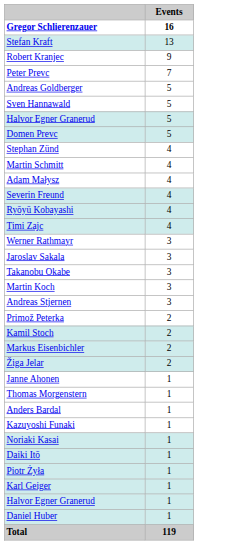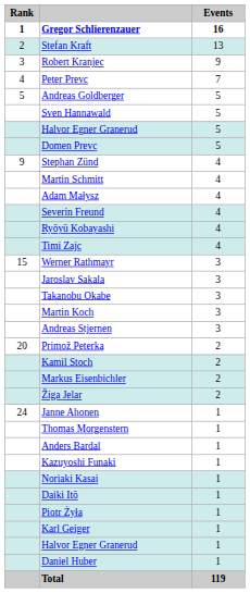 <table class="wikitable plainrowheaders" style="background:#fff; font-size:86%; line-height:16px; border:grey solid 1px; border-collapse:collapse;">
 <tr style="background:#ccc; text-align:center;">
+<th style="background:#ccc;" width="40">Rank</th>
 <th style="background:#ccc;" width="200"></th>
 <th style="background:#ccc;" width="65">Events</th>
 </tr>
 <tr style="text-align:center">
+<td style="text-align:center"><strong>1</strong></td>
 <td style="text-align:left"> <strong><a href='#'>Gregor Schlierenzauer</a></strong></td>
 <td><strong>16</strong></td>
 </tr>
 <tr style="text-align:center; background:#CFECEC">
+<td style="text-align:center">2</td>
 <td style="text-align:left"> <a href='#'>Stefan Kraft</a></td>
 <td>13</td>
 </tr>
 <tr style="text-align:center">
+<td style="text-align:center">3</td>
 <td style="text-align:left"> <a href='#'>Robert Kranjec</a></td>
 <td>9</td>
 </tr>
 <tr style="text-align:center">
+<td style="text-align:center">4</td>
 <td style="text-align:left"> <a href='#'>Peter Prevc</a></td>
 <td>7</td>
 </tr>
 <tr style="text-align:center">
+<td style="text-align:center">5</td>
 <td style="text-align:left"> <a href='#'>Andreas Goldberger</a></td>
 <td>5</td>
 </tr>
 <tr style="text-align:center">
+<td style="text-align:center"></td>
 <td style="text-align:left"> <a href='#'>Sven Hannawald</a></td>
 <td>5</td>
 </tr>
 <tr style="text-align:center; background:#CFECEC">
+<td style="text-align:center"></td>
 <td style="text-align:left"> <a href='#'>Halvor Egner Granerud</a></td>
 <td>5</td>
 </tr>
 <tr style="text-align:center; background:#CFECEC">
+<td style="text-align:center"></td>
 <td style="text-align:left"> <a href='#'>Domen Prevc</a></td>
 <td>5</td>
 </tr>
 <tr style="text-align:center">
+<td style="text-align:center">9</td>
 <td style="text-align:left"> <a href='#'>Stephan Zünd</a></td>
 <td>4</td>
 </tr>
 <tr style="text-align:center">
+<td style="text-align:center"></td>
 <td style="text-align:left"> <a href='#'>Martin Schmitt</a></td>
 <td>4</td>
 </tr>
 <tr style="text-align:center">
+<td style="text-align:center"></td>
 <td style="text-align:left"> <a href='#'>Adam Małysz</a></td>
 <td>4</td>
 </tr>
 <tr style="text-align:center; background:#CFECEC">
+<td style="text-align:center"></td>
 <td style="text-align:left"> <a href='#'>Severin Freund</a></td>
 <td>4</td>
 </tr>
 <tr style="text-align:center; background:#CFECEC">
+<td style="text-align:center"></td>
 <td style="text-align:left"> <a href='#'>Ryōyū Kobayashi</a></td>
 <td>4</td>
 </tr>
 <tr style="text-align:center; background:#CFECEC">
+<td style="text-align:center"></td>
 <td style="text-align:left"> <a href='#'>Timi Zajc</a></td>
 <td>4</td>
 </tr>
 <tr style="text-align:center">
+<td style="text-align:center">15</td>
 <td style="text-align:left"> <a href='#'>Werner Rathmayr</a></td>
 <td>3</td>
 </tr>
 <tr style="text-align:center">
+<td style="text-align:center"></td>
 <td style="text-align:left"> <a href='#'>Jaroslav Sakala</a></td>
 <td>3</td>
 </tr>
 <tr style="text-align:center">
+<td style="text-align:center"></td>
 <td style="text-align:left"> <a href='#'>Takanobu Okabe</a></td>
 <td>3</td>
 </tr>
 <tr style="text-align:center">
+<td style="text-align:center"></td>
 <td style="text-align:left"> <a href='#'>Martin Koch</a></td>
 <td>3</td>
 </tr>
 <tr style="text-align:center">
+<td style="text-align:center"></td>
 <td style="text-align:left"> <a href='#'>Andreas Stjernen</a></td>
 <td>3</td>
 </tr>
 <tr style="text-align:center">
+<td style="text-align:center">20</td>
 <td style="text-align:left"> <a href='#'>Primož Peterka</a></td>
 <td>2</td>
 </tr>
 <tr style="text-align:center; background:#CFECEC">
+<td style="text-align:center"></td>
 <td style="text-align:left"> <a href='#'>Kamil Stoch</a></td>
 <td>2</td>
 </tr>
 <tr style="text-align:center; background:#CFECEC">
+<td style="text-align:center"></td>
 <td style="text-align:left"> <a href='#'>Markus Eisenbichler</a></td>
 <td>2</td>
 </tr>
 <tr style="text-align:center; background:#CFECEC">
+<td style="text-align:center"></td>
 <td style="text-align:left"> <a href='#'>Žiga Jelar</a></td>
 <td>2</td>
 </tr>
 <tr style="text-align:center">
+<td style="text-align:center">24</td>
 <td style="text-align:left"> <a href='#'>Janne Ahonen</a></td>
 <td>1</td>
 </tr>
 <tr style="text-align:center">
+<td style="text-align:center"></td>
 <td style="text-align:left"> <a href='#'>Thomas Morgenstern</a></td>
 <td>1</td>
 </tr>
 <tr style="text-align:center">
+<td style="text-align:center"></td>
 <td style="text-align:left"> <a href='#'>Anders Bardal</a></td>
 <td>1</td>
 </tr>
 <tr style="text-align:center">
+<td style="text-align:center"></td>
 <td style="text-align:left"> <a href='#'>Kazuyoshi Funaki</a></td>
 <td>1</td>
 </tr>
 <tr style="text-align:center; background:#CFECEC">
+<td style="text-align:center"></td>
 <td style="text-align:left"> <a href='#'>Noriaki Kasai</a></td>
 <td>1</td>
 </tr>
 <tr style="text-align:center; background:#CFECEC">
+<td style="text-align:center"></td>
 <td style="text-align:left"> <a href='#'>Daiki Itō</a></td>
 <td>1</td>
 </tr>
 <tr style="text-align:center; background:#CFECEC">
+<td style="text-align:center"></td>
 <td style="text-align:left"> <a href='#'>Piotr Żyła</a></td>
 <td>1</td>
 </tr>
 <tr style="text-align:center; background:#CFECEC">
+<td style="text-align:center"></td>
 <td style="text-align:left"> <a href='#'>Karl Geiger</a></td>
 <td>1</td>
 </tr>
 <tr style="text-align:center; background:#CFECEC">
+<td style="text-align:center"></td>
 <td style="text-align:left"> <a href='#'>Halvor Egner Granerud</a></td>
 <td>1</td>
 </tr>
 <tr style="text-align:center; background:#CFECEC">
+<td style="text-align:center"></td>
 <td style="text-align:left"> <a href='#'>Daniel Huber</a></td>
 <td>1</td>
 </tr>
 <tr style="text-align:center; background:#D3D3D3">
+<th style="background:#ccc;"></th>
 <th style="text-align:left; background:#ccc">Total</th>
 <th style="background:#ccc;">119</th>
 </tr>
 </table>
